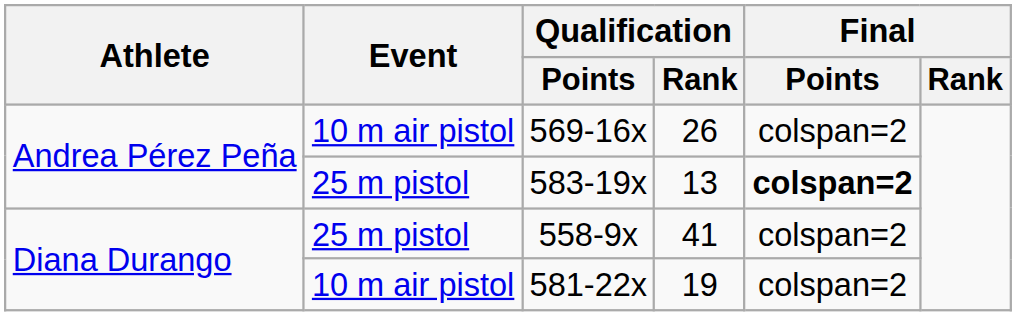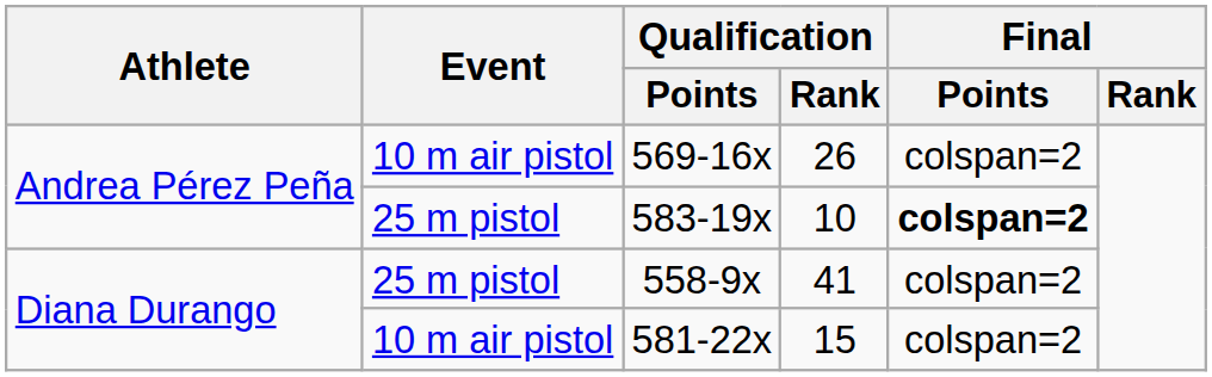 <table class=wikitable style=font-size:90%;text-align:center>
 <tr>
 <th rowspan=2>Athlete</th>
 <th rowspan=2>Event</th>
 <th colspan=2>Qualification</th>
 <th colspan=2>Final</th>
 </tr>
 <tr style=font-size:95%>
 <th>Points</th>
 <th>Rank</th>
 <th>Points</th>
 <th>Rank</th>
 </tr>
 <tr>
 <td align=left rowspan=2><a href='#'>Andrea Pérez Peña</a></td>
 <td align=left><a href='#'>10 m air pistol</a></td>
 <td>569-16x</td>
 <td>26</td>
 <td>colspan=2</td>
 </tr>
 <tr>
 <td align=left><a href='#'>25 m pistol</a></td>
 <td>583-19x</td>
-<td>13</td>
+<td>10</td>
 <td><strong>colspan=2</strong></td>
 </tr>
 <tr>
 <td align=left rowspan=2><a href='#'>Diana Durango</a></td>
 <td align=left><a href='#'>25 m pistol</a></td>
 <td>558-9x</td>
 <td>41</td>
 <td>colspan=2</td>
 </tr>
 <tr>
 <td align=left><a href='#'>10 m air pistol</a></td>
 <td>581-22x</td>
-<td>19</td>
+<td>15</td>
 <td>colspan=2</td>
 </tr>
 </table>
